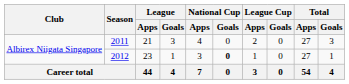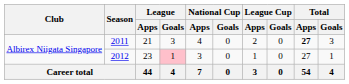 <table class="wikitable" style="font-size:90%; text-align:center;">
 <tr>
 <th rowspan="2">Club</th>
 <th rowspan="2">Season</th>
 <th colspan="2">League</th>
 <th colspan="2">National Cup</th>
 <th colspan="2">League Cup</th>
 <th colspan="2">Total</th>
 </tr>
 <tr>
 <th>Apps</th>
 <th>Goals</th>
 <th>Apps</th>
 <th>Goals</th>
 <th>Apps</th>
 <th>Goals</th>
 <th>Apps</th>
 <th>Goals</th>
 </tr>
 <tr>
 <td rowspan="2"><a href='#'>Albirex Niigata Singapore</a></td>
 <td><a href='#'>2011</a></td>
 <td>21</td>
 <td>3</td>
 <td>4</td>
 <td>0</td>
 <td>2</td>
 <td>0</td>
-<td>27</td>
+<td><strong>27</strong></td>
 <td>3</td>
 </tr>
 <tr>
 <td><a href='#'>2012</a></td>
 <td>23</td>
-<td>1</td>
+<td style="background: pink;">1</td>
 <td>3</td>
-<td><strong>0</strong></td>
+<td>0</td>
 <td>1</td>
 <td>0</td>
 <td>27</td>
 <td>1</td>
 </tr>
 <tr>
 <th colspan="2">Career total</th>
 <th>44</th>
 <th>4</th>
 <th>7</th>
 <th>0</th>
 <th>3</th>
 <th>0</th>
 <th>54</th>
 <th>4</th>
 </tr>
 </table>
